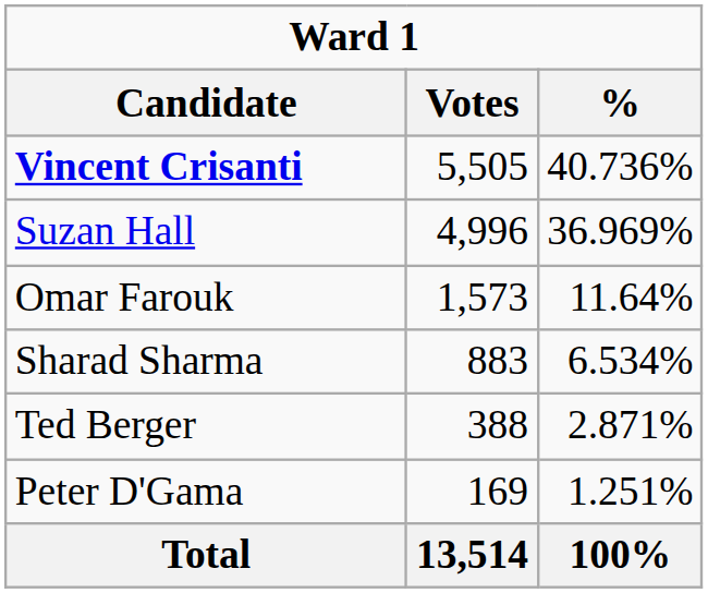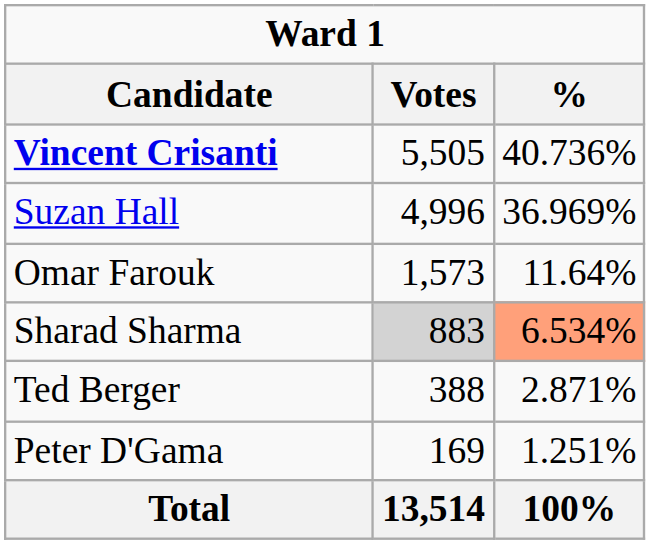 <table class="wikitable">
 <tr>
 <td Colspan="3" align="center"><strong>Ward 1</strong></td>
 </tr>
 <tr>
 <th bgcolor="#DDDDFF" width="150px">Candidate</th>
 <th bgcolor="#DDDDFF">Votes</th>
 <th bgcolor="#DDDDFF">%</th>
 </tr>
 <tr>
 <td><strong><a href='#'>Vincent Crisanti</a></strong></td>
 <td align=right>5,505</td>
 <td align=right>40.736%</td>
 </tr>
 <tr>
 <td><a href='#'>Suzan Hall</a></td>
 <td align=right>4,996</td>
 <td align=right>36.969%</td>
 </tr>
 <tr>
 <td>Omar Farouk</td>
 <td align=right>1,573</td>
 <td align=right>11.64%</td>
 </tr>
 <tr>
 <td>Sharad Sharma</td>
-<td align=right>883</td>
-<td align=right>6.534%</td>
+<td align=right style="background: lightgrey;">883</td>
+<td align=right style="background: lightsalmon;">6.534%</td>
 </tr>
 <tr>
 <td>Ted Berger</td>
 <td align=right>388</td>
 <td align=right>2.871%</td>
 </tr>
 <tr>
 <td>Peter D'Gama</td>
 <td align=right>169</td>
 <td align=right>1.251%</td>
 </tr>
 <tr>
 <th>Total</th>
 <th align=right>13,514</th>
 <th align=right>100%</th>
 </tr>
 </table>
